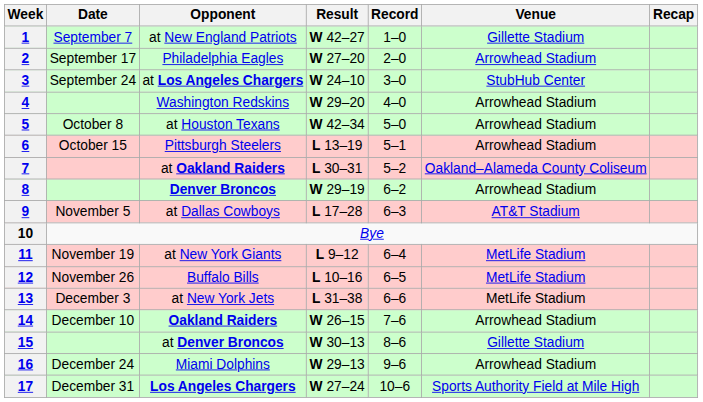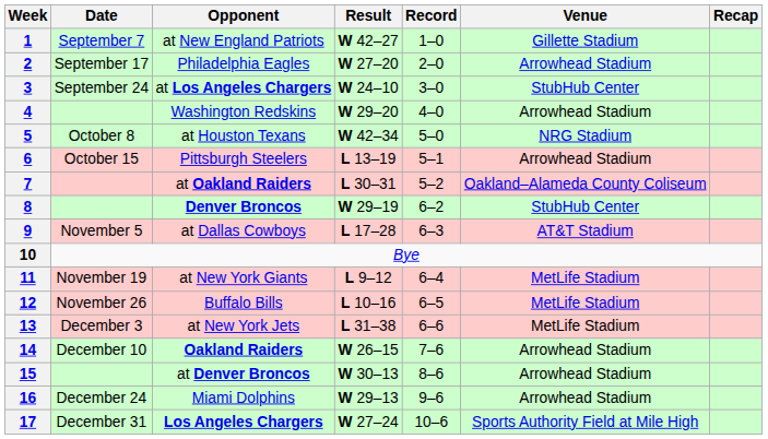 <table class="wikitable" style="text-align:center">
 <tr>
 <th>Week</th>
 <th>Date</th>
 <th>Opponent</th>
 <th>Result</th>
 <th>Record</th>
 <th>Venue</th>
 <th>Recap</th>
 </tr>
 <tr style="background:#cfc">
 <th><a href='#'>1</a></th>
 <td><a href='#'>September 7</a></td>
 <td>at <a href='#'>New England Patriots</a></td>
 <td><strong>W</strong> 42–27</td>
 <td>1–0</td>
 <td><a href='#'>Gillette Stadium</a></td>
 <td></td>
 </tr>
 <tr style="background:#cfc">
 <th><a href='#'>2</a></th>
 <td>September 17</td>
 <td><a href='#'>Philadelphia Eagles</a></td>
 <td><strong>W</strong> 27–20</td>
 <td>2–0</td>
 <td><a href='#'>Arrowhead Stadium</a></td>
 <td></td>
 </tr>
 <tr style="background:#cfc">
 <th><a href='#'>3</a></th>
 <td>September 24</td>
 <td>at <strong><a href='#'>Los Angeles Chargers</a></strong></td>
 <td><strong>W</strong> 24–10</td>
 <td>3–0</td>
 <td><a href='#'>StubHub Center</a></td>
 <td></td>
 </tr>
 <tr style="background:#cfc">
 <th><a href='#'>4</a></th>
 <td></td>
 <td><a href='#'>Washington Redskins</a></td>
 <td><strong>W</strong> 29–20</td>
 <td>4–0</td>
 <td>Arrowhead Stadium</td>
 <td></td>
 </tr>
 <tr style="background:#cfc">
 <th><a href='#'>5</a></th>
 <td>October 8</td>
 <td>at <a href='#'>Houston Texans</a></td>
 <td><strong>W</strong> 42–34</td>
 <td>5–0</td>
-<td>Arrowhead Stadium</td>
+<td><a href='#'>NRG Stadium</a></td>
 <td></td>
 </tr>
 <tr style="background:#fcc">
 <th><a href='#'>6</a></th>
 <td>October 15</td>
 <td><a href='#'>Pittsburgh Steelers</a></td>
 <td><strong>L</strong> 13–19</td>
 <td>5–1</td>
 <td>Arrowhead Stadium</td>
 <td></td>
 </tr>
 <tr style="background:#fcc">
 <th><a href='#'>7</a></th>
 <td></td>
 <td>at <strong><a href='#'>Oakland Raiders</a></strong></td>
 <td><strong>L</strong> 30–31</td>
 <td>5–2</td>
 <td><a href='#'>Oakland–Alameda County Coliseum</a></td>
 <td></td>
 </tr>
 <tr style="background:#cfc">
 <th><a href='#'>8</a></th>
 <td></td>
 <td><strong><a href='#'>Denver Broncos</a></strong></td>
 <td><strong>W</strong> 29–19</td>
 <td>6–2</td>
-<td>Arrowhead Stadium</td>
+<td><a href='#'>StubHub Center</a></td>
 <td></td>
 </tr>
 <tr style="background:#fcc">
 <th><a href='#'>9</a></th>
 <td>November 5</td>
 <td>at <a href='#'>Dallas Cowboys</a></td>
 <td><strong>L</strong> 17–28</td>
 <td>6–3</td>
 <td><a href='#'>AT&T Stadium</a></td>
 <td></td>
 </tr>
 <tr>
 <th>10</th>
 <td colspan="6"><em><a href='#'>Bye</a></em></td>
 </tr>
 <tr style="background:#fcc">
 <th><a href='#'>11</a></th>
 <td>November 19</td>
 <td>at <a href='#'>New York Giants</a></td>
 <td><strong>L</strong> 9–12 </td>
 <td>6–4</td>
 <td><a href='#'>MetLife Stadium</a></td>
 <td></td>
 </tr>
 <tr style="background:#fcc">
 <th><a href='#'>12</a></th>
 <td>November 26</td>
 <td><a href='#'>Buffalo Bills</a></td>
 <td><strong>L</strong> 10–16</td>
 <td>6–5</td>
 <td><a href='#'>MetLife Stadium</a></td>
 <td></td>
 </tr>
 <tr style="background:#fcc">
 <th><a href='#'>13</a></th>
 <td>December 3</td>
 <td>at <a href='#'>New York Jets</a></td>
 <td><strong>L</strong> 31–38</td>
 <td>6–6</td>
 <td>MetLife Stadium</td>
 <td></td>
 </tr>
 <tr style="background:#cfc">
 <th><a href='#'>14</a></th>
 <td>December 10</td>
 <td><strong><a href='#'>Oakland Raiders</a></strong></td>
 <td><strong>W</strong> 26–15</td>
 <td>7–6</td>
 <td>Arrowhead Stadium</td>
 <td></td>
 </tr>
 <tr style="background:#cfc">
 <th><a href='#'>15</a></th>
 <td></td>
 <td>at <strong><a href='#'>Denver Broncos</a></strong></td>
 <td><strong>W</strong> 30–13</td>
 <td>8–6</td>
-<td><a href='#'>Gillette Stadium</a></td>
+<td>Arrowhead Stadium</td>
 <td></td>
 </tr>
 <tr style="background:#cfc">
 <th><a href='#'>16</a></th>
 <td>December 24</td>
 <td><a href='#'>Miami Dolphins</a></td>
 <td><strong>W</strong> 29–13</td>
 <td>9–6</td>
 <td>Arrowhead Stadium</td>
 <td></td>
 </tr>
 <tr style="background:#cfc">
 <th><a href='#'>17</a></th>
 <td>December 31</td>
 <td><strong><a href='#'>Los Angeles Chargers</a></strong></td>
 <td><strong>W</strong> 27–24</td>
 <td>10–6</td>
 <td><a href='#'>Sports Authority Field at Mile High</a></td>
 <td></td>
 </tr>
 </table>
